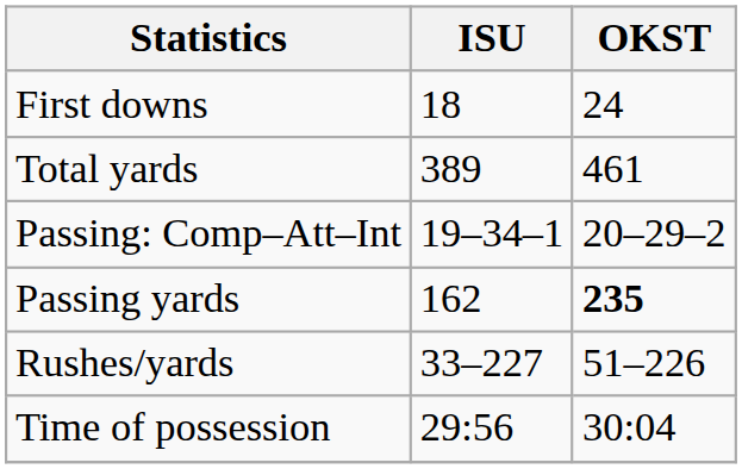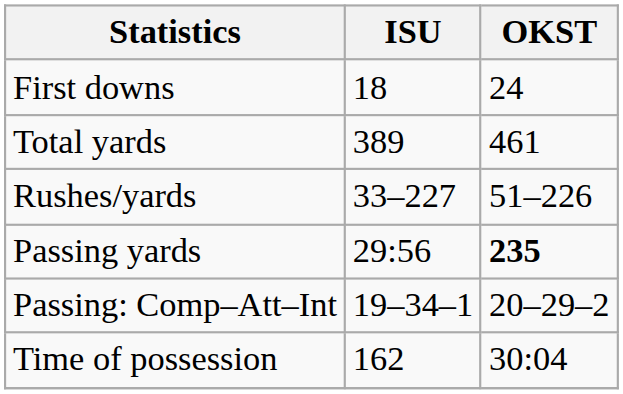 <table class="wikitable" style="float: left;">
 <tr>
 <th>Statistics</th>
 <th>ISU</th>
 <th>OKST</th>
 </tr>
 <tr>
 <td>First downs</td>
 <td>18</td>
 <td>24</td>
 </tr>
 <tr>
 <td>Total yards</td>
 <td>389</td>
 <td>461</td>
 </tr>
 <tr>
+<td>Rushes/yards</td>
+<td>33–227</td>
+<td>51–226</td>
+</tr>
+<tr>
+<td>Passing yards</td>
+<td>29:56</td>
+<td><strong>235</strong></td>
+</tr>
+<tr>
 <td>Passing: Comp–Att–Int</td>
 <td>19–34–1</td>
 <td>20–29–2</td>
 </tr>
 <tr>
-<td>Passing yards</td>
+<td>Time of possession</td>
 <td>162</td>
-<td><strong>235</strong></td>
-</tr>
-<tr>
-<td>Rushes/yards</td>
-<td>33–227</td>
-<td>51–226</td>
-</tr>
-<tr>
-<td>Time of possession</td>
-<td>29:56</td>
 <td>30:04</td>
 </tr>
 <tr>
 </tr>
 </table>
